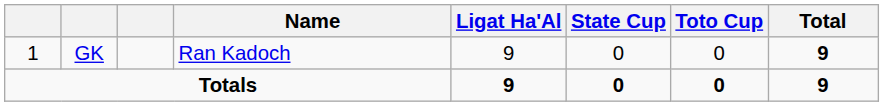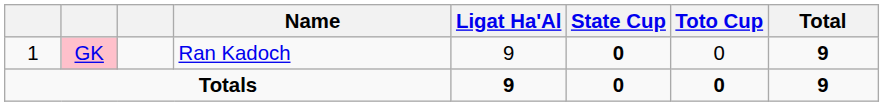 <table class="wikitable sortable" style="font-size: 95%; text-align: center">
 <tr>
 <th width=35></th>
 <th width=35></th>
 <th width=35></th>
 <th width=200>Name</th>
 <th><a href='#'>Ligat Ha'Al</a></th>
 <th><a href='#'>State Cup</a></th>
 <th><a href='#'>Toto Cup</a></th>
 <th width= 75>Total</th>
 </tr>
 <tr>
 <td>1</td>
-<td><a href='#'>GK</a></td>
+<td style="background: pink;"><a href='#'>GK</a></td>
 <td></td>
 <td align=left><a href='#'>Ran Kadoch</a></td>
 <td>9</td>
-<td>0</td>
+<td><strong>0</strong></td>
 <td>0</td>
 <td><strong>9</strong></td>
 </tr>
 <tr>
 <td colspan=4><strong>Totals</strong></td>
 <td><strong>9</strong></td>
 <td><strong>0</strong></td>
 <td><strong>0</strong></td>
 <td><strong>9</strong></td>
 </tr>
 </table>
